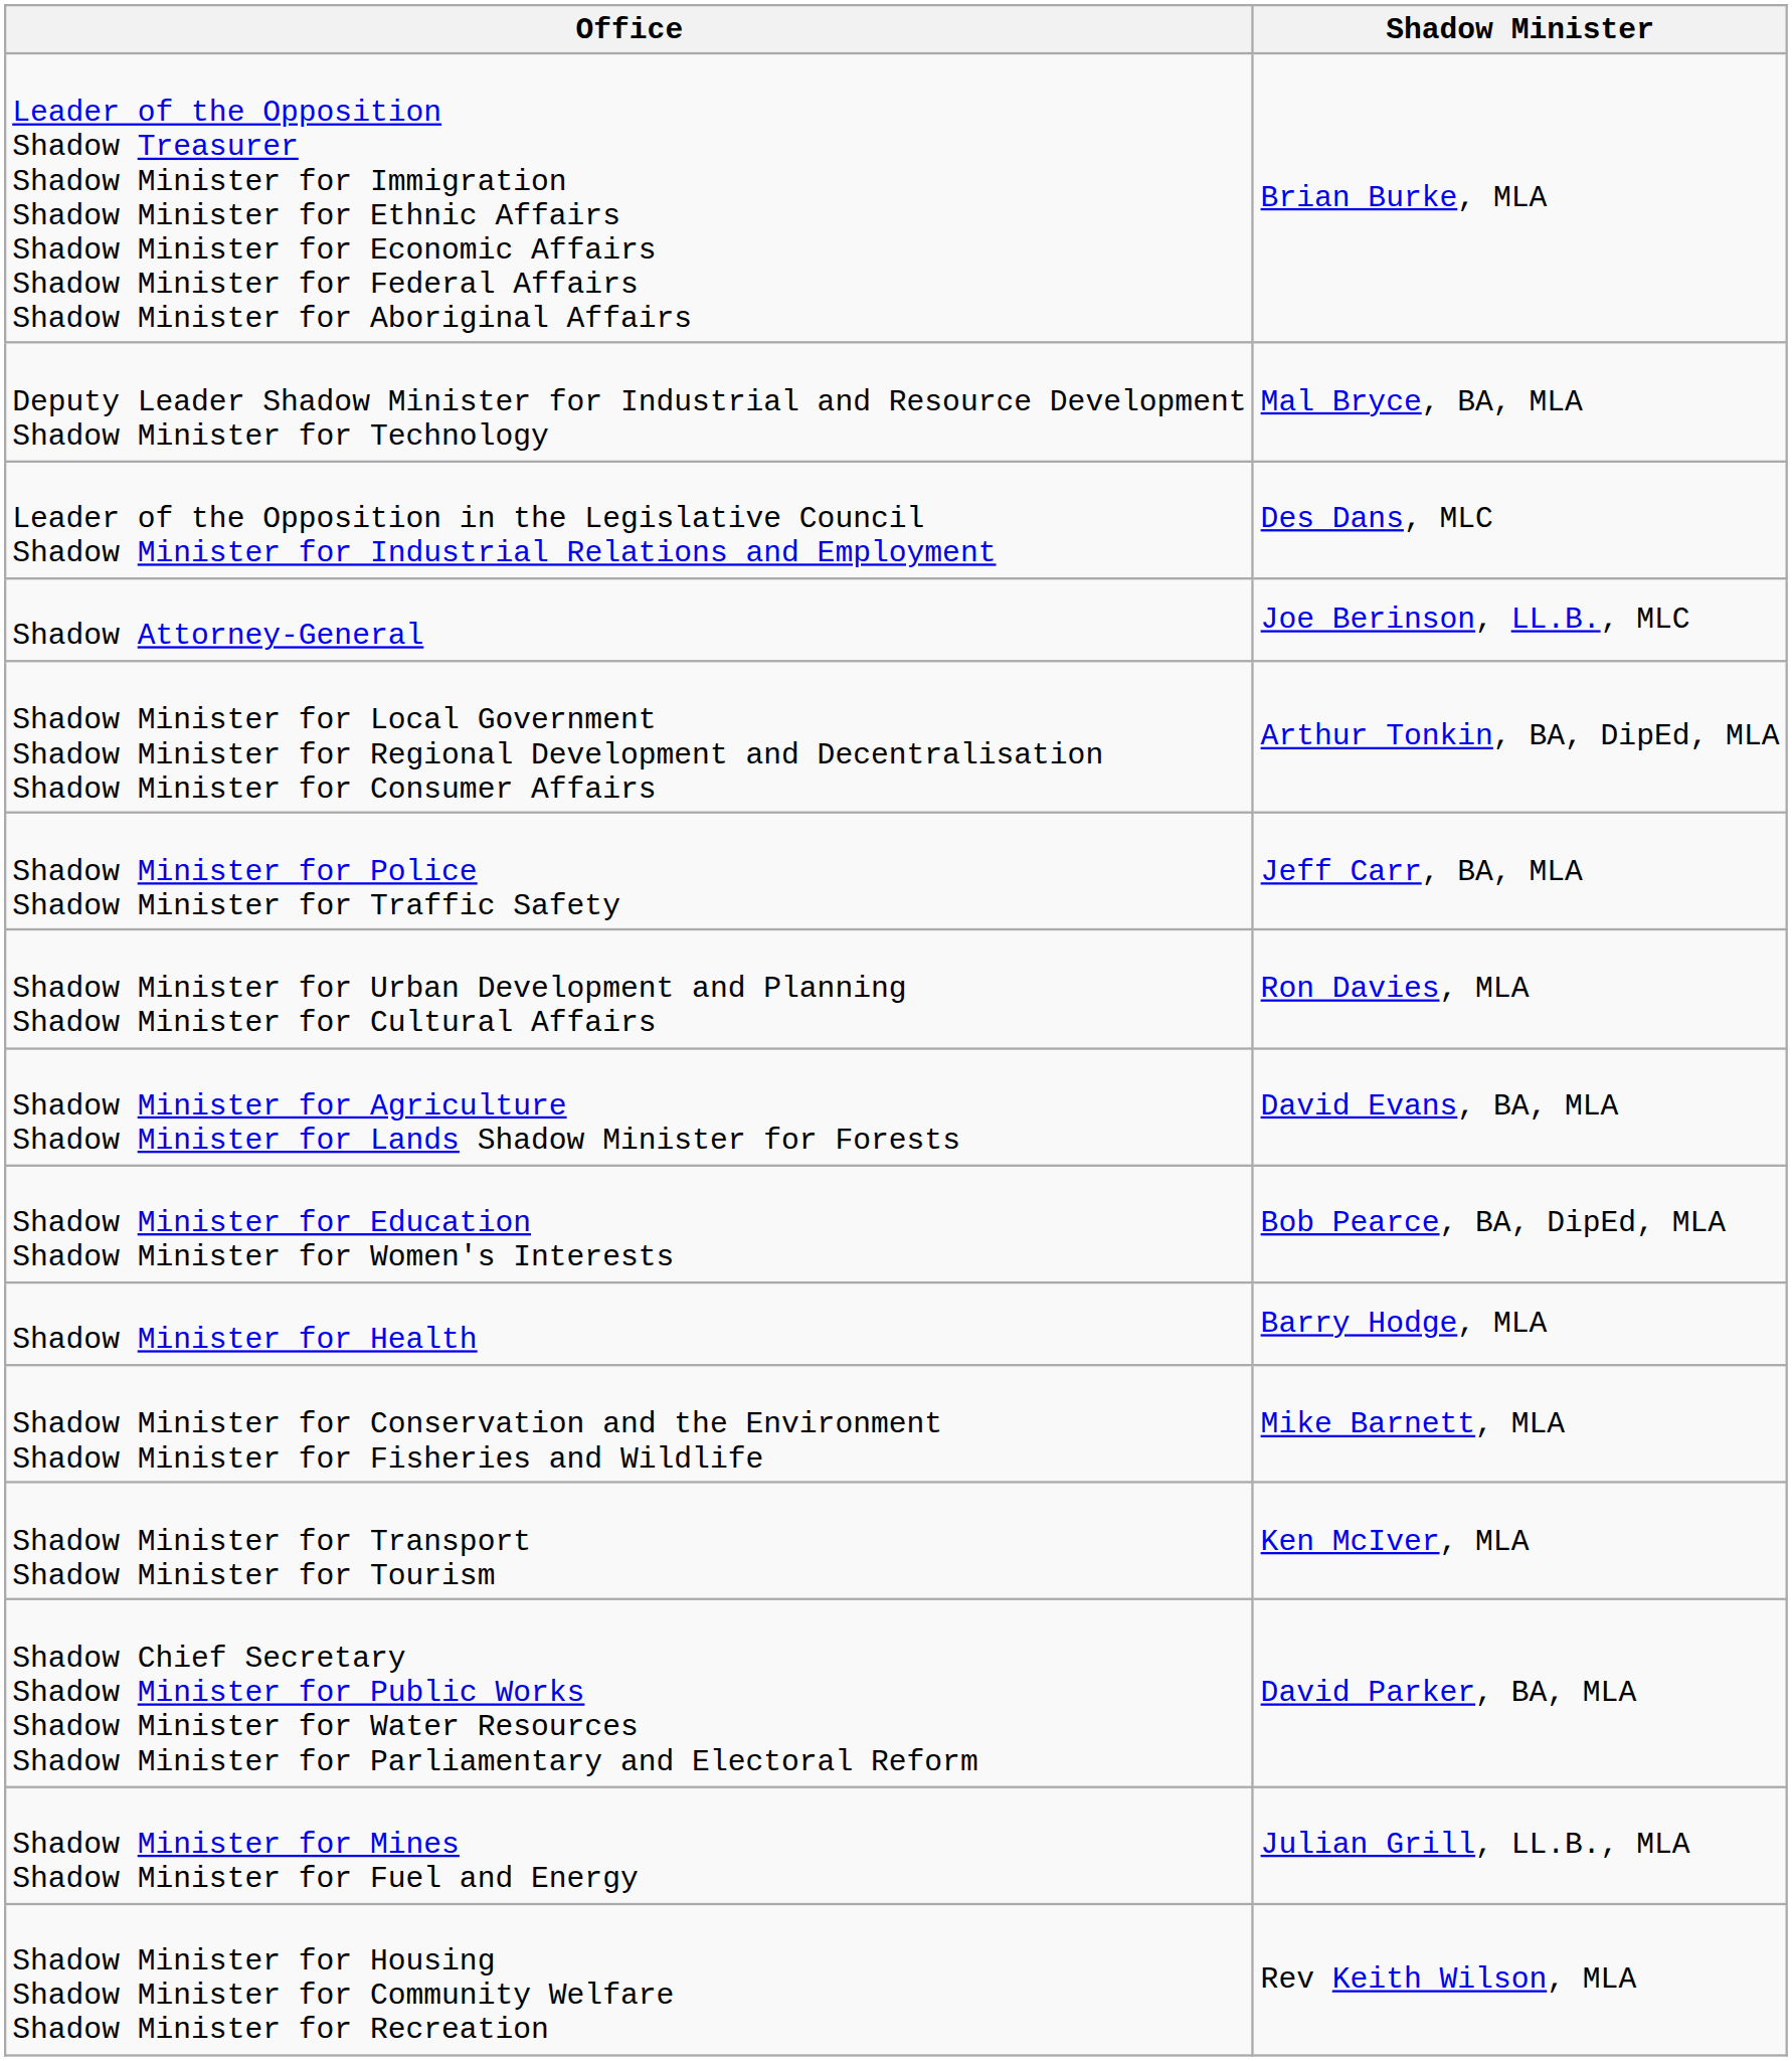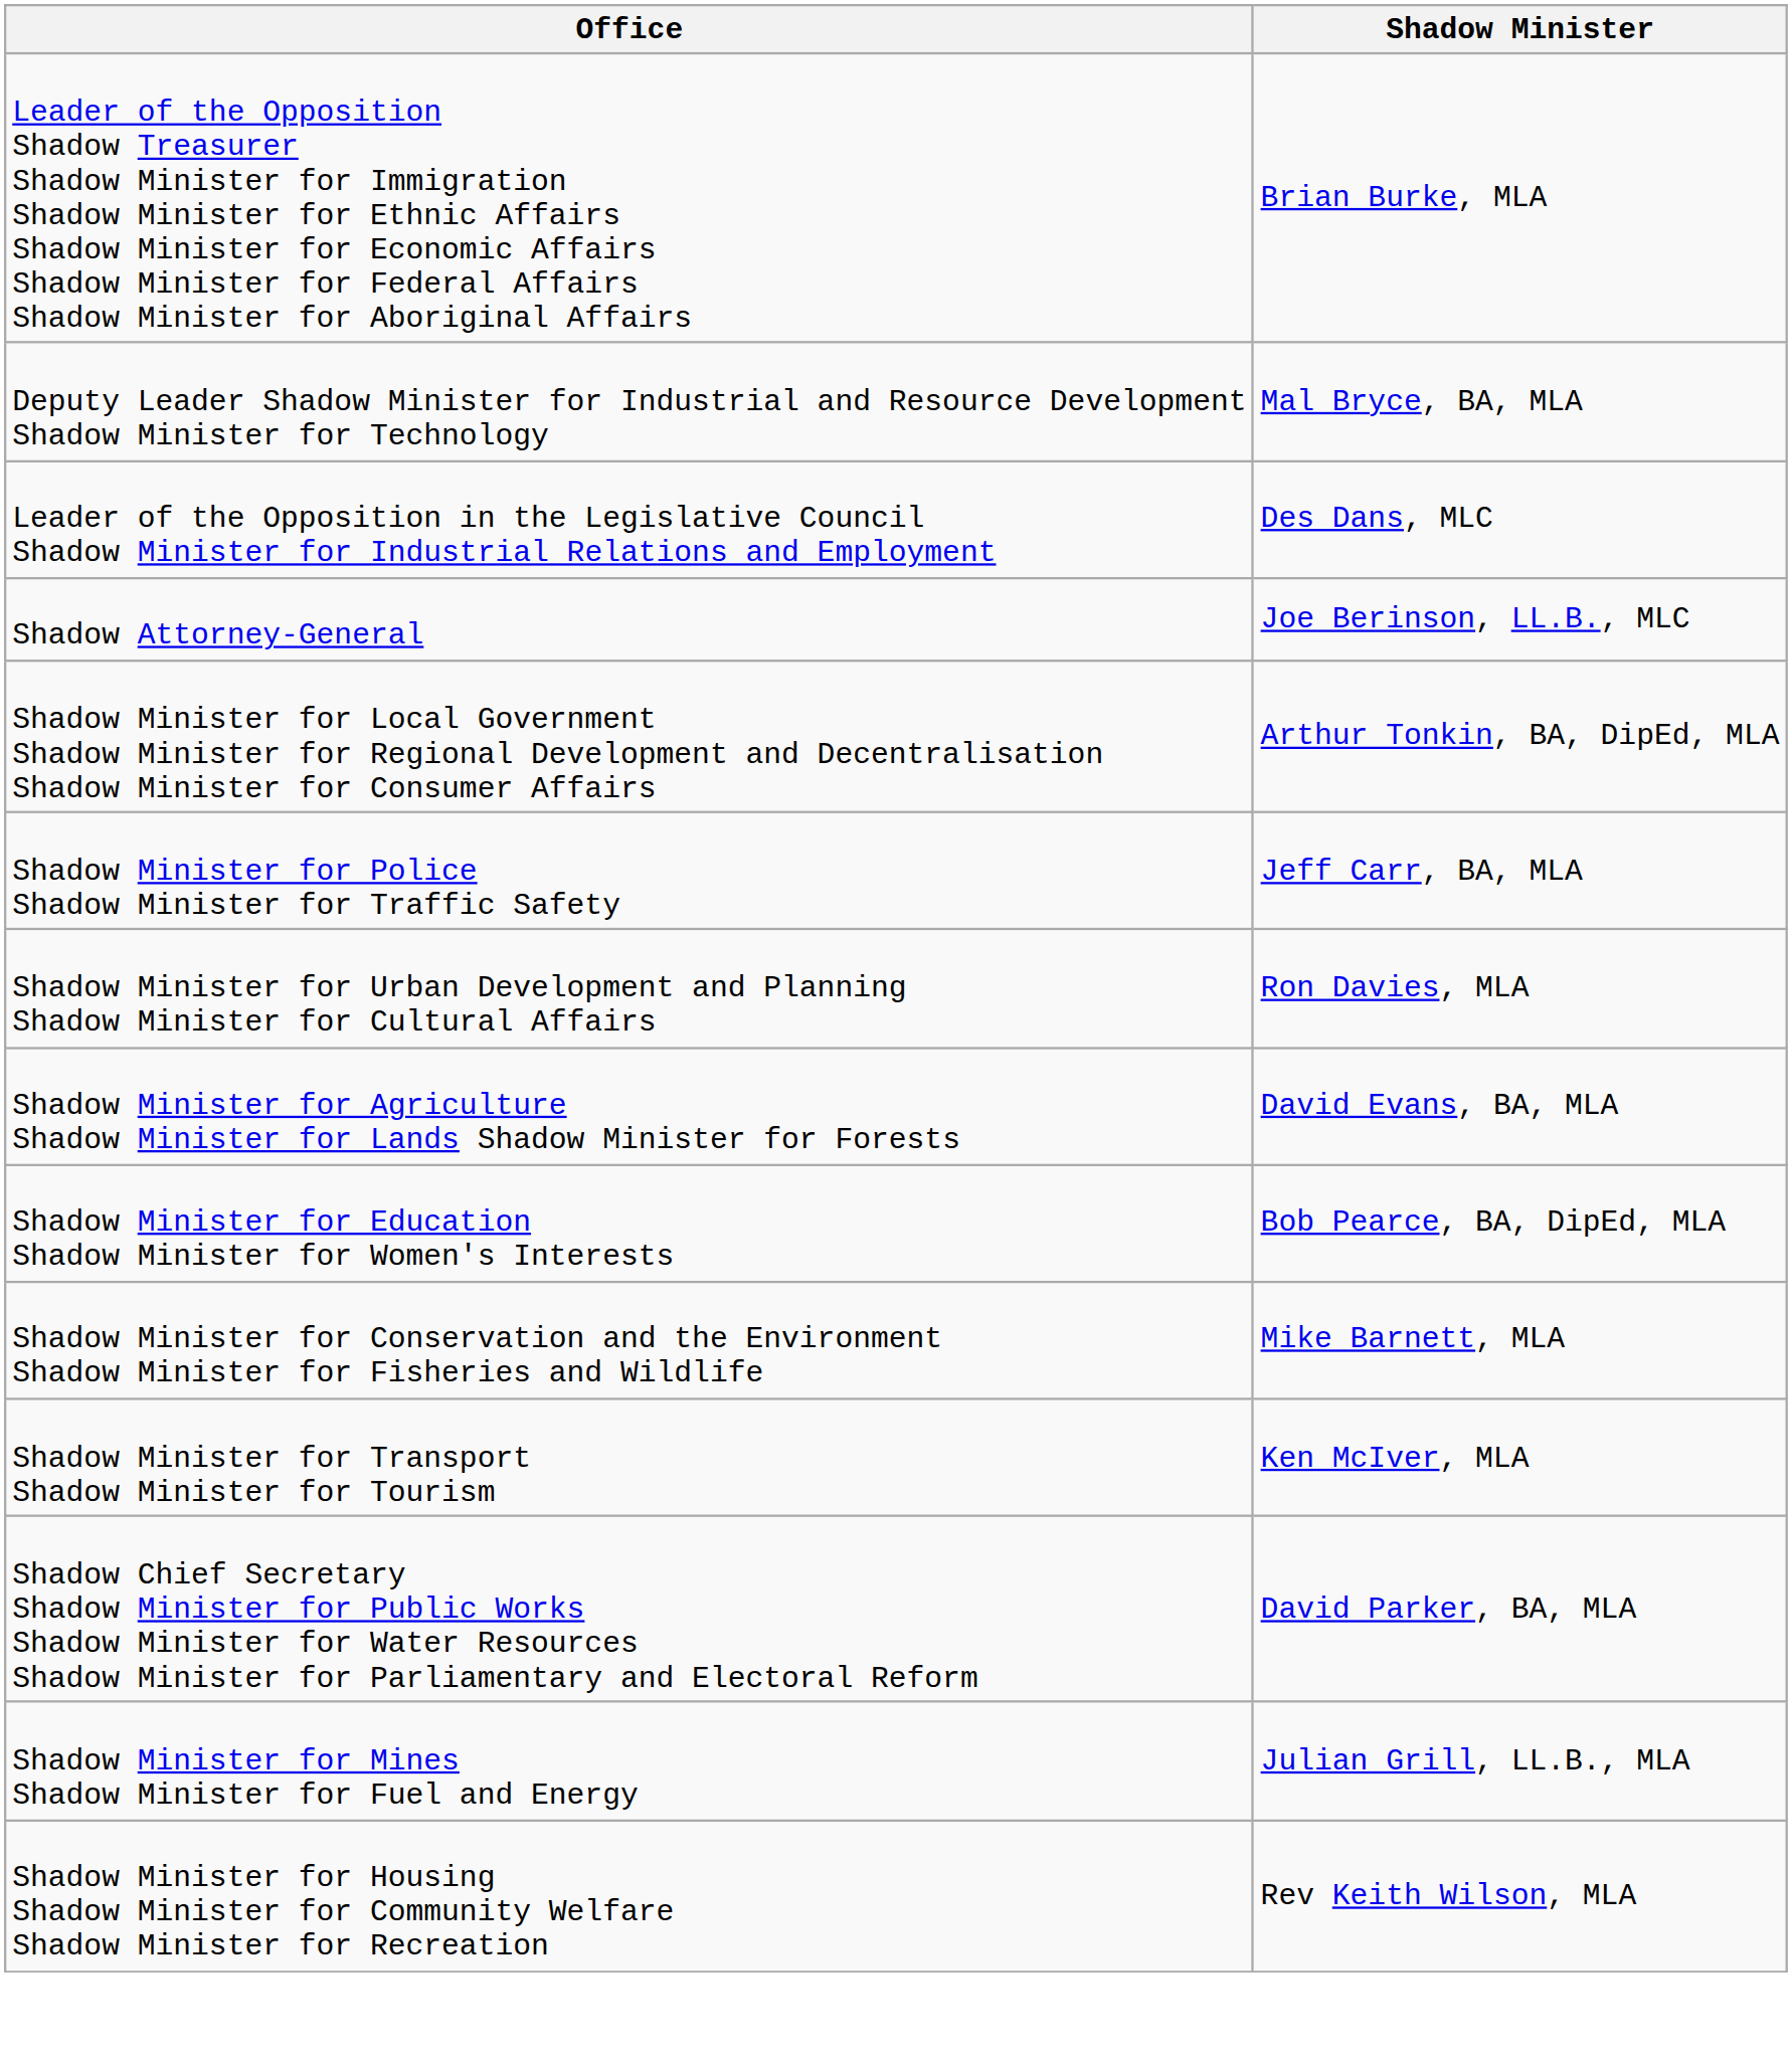 <table class="wikitable">
 <tr>
 <th>Office</th>
 <th>Shadow Minister</th>
 </tr>
 <tr>
 <td><br><a href='#'>Leader of the Opposition</a><br> Shadow <a href='#'>Treasurer</a><br> Shadow Minister for Immigration<br> Shadow Minister for Ethnic Affairs<br> Shadow Minister for Economic Affairs<br> Shadow Minister for Federal Affairs<br> Shadow Minister for Aboriginal Affairs<br></td>
 <td><a href='#'>Brian Burke</a>, MLA</td>
 </tr>
 <tr>
 <td><br>Deputy Leader Shadow Minister for Industrial and Resource Development<br> Shadow Minister for Technology<br></td>
 <td><a href='#'>Mal Bryce</a>, BA, MLA</td>
 </tr>
 <tr>
 <td><br>Leader of the Opposition in the Legislative Council<br> Shadow <a href='#'>Minister for Industrial Relations and Employment</a><br></td>
 <td><a href='#'>Des Dans</a>, MLC</td>
 </tr>
 <tr>
 <td><br>Shadow <a href='#'>Attorney-General</a><br></td>
 <td><a href='#'>Joe Berinson</a>, <a href='#'>LL.B.</a>, MLC</td>
 </tr>
 <tr>
 <td><br>Shadow Minister for Local Government<br> Shadow Minister for Regional Development and Decentralisation<br> Shadow Minister for Consumer Affairs<br></td>
 <td><a href='#'>Arthur Tonkin</a>, BA, DipEd, MLA</td>
 </tr>
 <tr>
 <td><br>Shadow <a href='#'>Minister for Police</a><br> Shadow Minister for Traffic Safety<br></td>
 <td><a href='#'>Jeff Carr</a>, BA, MLA</td>
 </tr>
 <tr>
 <td><br>Shadow Minister for Urban Development and Planning<br> Shadow Minister for Cultural Affairs<br></td>
 <td><a href='#'>Ron Davies</a>, MLA</td>
 </tr>
 <tr>
 <td><br>Shadow <a href='#'>Minister for Agriculture</a><br> Shadow <a href='#'>Minister for Lands</a> Shadow Minister for Forests<br></td>
 <td><a href='#'>David Evans</a>, BA, MLA</td>
 </tr>
 <tr>
 <td><br>Shadow <a href='#'>Minister for Education</a><br> Shadow Minister for Women's Interests</td>
 <td><a href='#'>Bob Pearce</a>, BA, DipEd, MLA</td>
 </tr>
 <tr>
-<td><br>Shadow <a href='#'>Minister for Health</a><br></td>
-<td><a href='#'>Barry Hodge</a>, MLA</td>
-</tr>
-<tr>
 <td><br>Shadow Minister for Conservation and the Environment<br> Shadow Minister for Fisheries and Wildlife<br></td>
 <td><a href='#'>Mike Barnett</a>, MLA</td>
 </tr>
 <tr>
 <td><br>Shadow Minister for Transport<br> Shadow Minister for Tourism<br></td>
 <td><a href='#'>Ken McIver</a>, MLA</td>
 </tr>
 <tr>
 <td><br>Shadow Chief Secretary<br> Shadow <a href='#'>Minister for Public Works</a><br> Shadow Minister for Water Resources<br> Shadow Minister for Parliamentary and Electoral Reform</td>
 <td><a href='#'>David Parker</a>, BA, MLA</td>
 </tr>
 <tr>
 <td><br>Shadow <a href='#'>Minister for Mines</a><br> Shadow Minister for Fuel and Energy</td>
 <td><a href='#'>Julian Grill</a>, LL.B., MLA</td>
 </tr>
 <tr>
 <td><br>Shadow Minister for Housing<br> Shadow Minister for Community Welfare<br> Shadow Minister for Recreation</td>
 <td>Rev <a href='#'>Keith Wilson</a>, MLA</td>
 </tr>
 </table>
